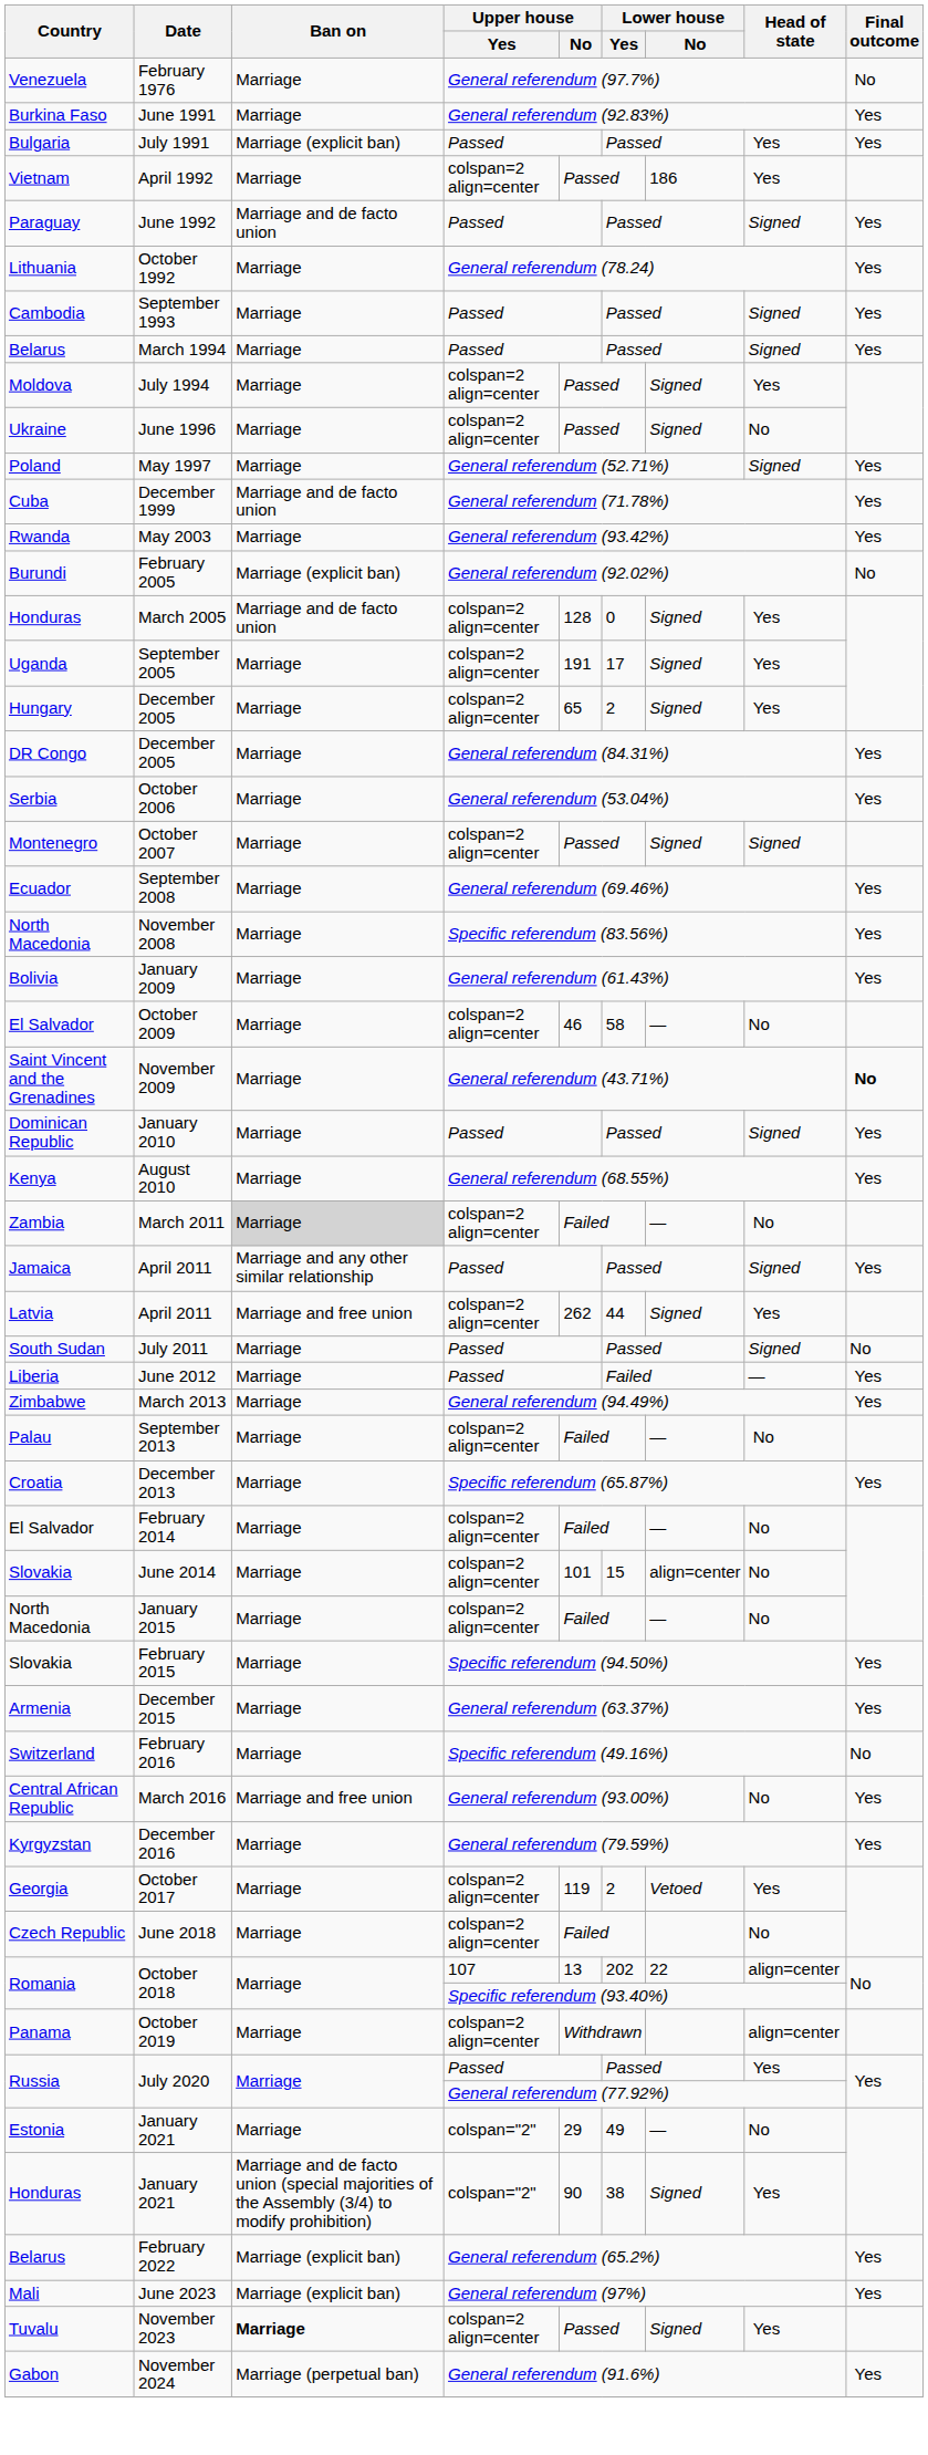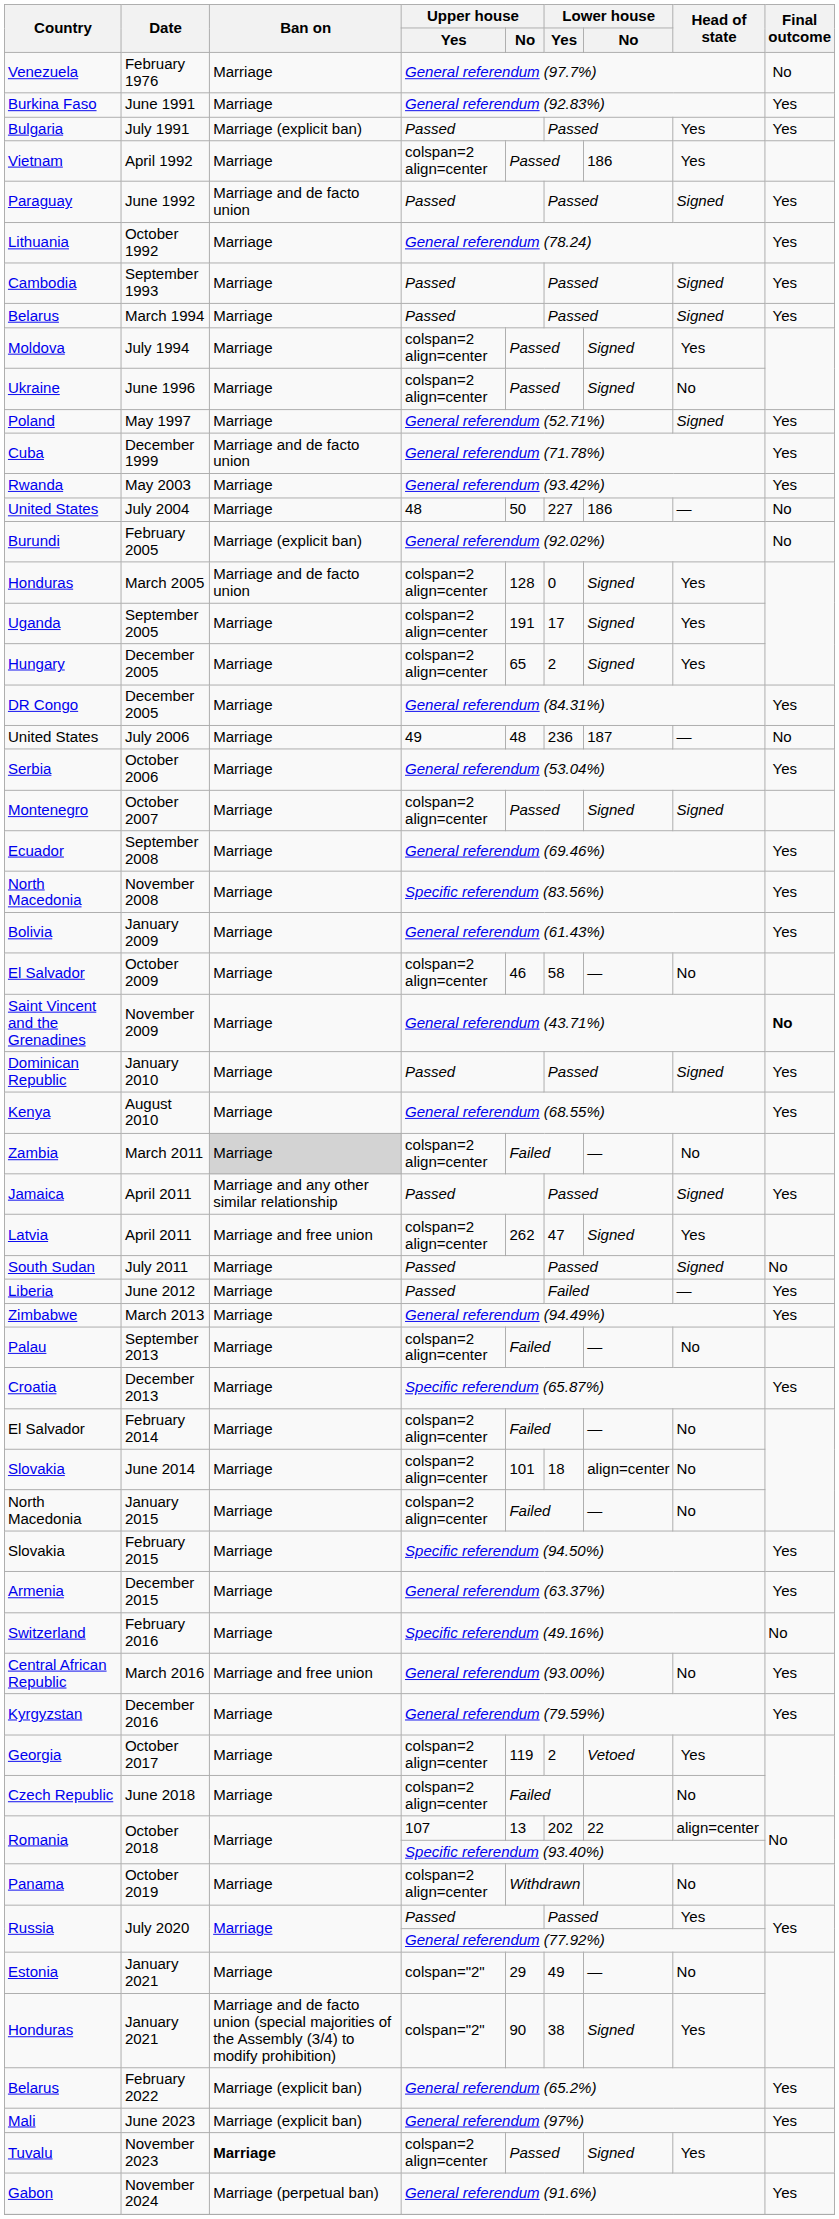 <table class="wikitable sortable" style="width:100%">
 <tr>
 <th rowspan=2>Country</th>
 <th rowspan=2>Date</th>
 <th rowspan=2>Ban on</th>
 <th colspan=2>Upper house</th>
 <th colspan=2>Lower house</th>
 <th rowspan=2>Head of state</th>
 <th rowspan=2>Final<br>outcome</th>
 </tr>
 <tr>
 <th>Yes</th>
 <th>No</th>
 <th>Yes</th>
 <th>No</th>
 </tr>
 <tr>
 <td> <a href='#'>Venezuela</a></td>
 <td>February 1976</td>
 <td>Marriage</td>
 <td colspan=5><em><a href='#'>General referendum</a> (97.7%)</em></td>
 <td> No</td>
 </tr>
 <tr>
 <td> <a href='#'>Burkina Faso</a></td>
 <td>June 1991</td>
 <td>Marriage</td>
 <td colspan=5><em><a href='#'>General referendum</a> (92.83%)</em></td>
 <td> Yes</td>
 </tr>
 <tr>
 <td> <a href='#'>Bulgaria</a></td>
 <td>July 1991</td>
 <td>Marriage (explicit ban)</td>
 <td colspan=2><em>Passed</em></td>
 <td colspan=2><em>Passed</em></td>
 <td> Yes</td>
 <td> Yes</td>
 </tr>
 <tr>
 <td> <a href='#'>Vietnam</a></td>
 <td>April 1992</td>
 <td>Marriage</td>
 <td>colspan=2 align=center </td>
 <td colspan=2><em>Passed</em></td>
 <td>186</td>
 <td> Yes</td>
 </tr>
 <tr>
 <td> <a href='#'>Paraguay</a></td>
 <td>June 1992</td>
 <td>Marriage and de facto union</td>
 <td colspan=2><em>Passed</em></td>
 <td colspan=2><em>Passed</em></td>
 <td><em>Signed</em></td>
 <td> Yes</td>
 </tr>
 <tr>
 <td> <a href='#'>Lithuania</a></td>
 <td>October 1992</td>
 <td>Marriage</td>
 <td colspan=5><em><a href='#'>General referendum</a> (78.24)</em></td>
 <td> Yes</td>
 </tr>
 <tr>
 <td> <a href='#'>Cambodia</a></td>
 <td>September 1993</td>
 <td>Marriage</td>
 <td colspan=2><em>Passed</em></td>
 <td colspan=2><em>Passed</em></td>
 <td><em>Signed</em></td>
 <td> Yes</td>
 </tr>
 <tr>
 <td> <a href='#'>Belarus</a></td>
 <td>March 1994</td>
 <td>Marriage</td>
 <td colspan=2><em>Passed</em></td>
 <td colspan=2><em>Passed</em></td>
 <td><em>Signed</em></td>
 <td> Yes</td>
 </tr>
 <tr>
 <td> <a href='#'>Moldova</a></td>
 <td>July 1994</td>
 <td>Marriage</td>
 <td>colspan=2 align=center </td>
 <td colspan=2><em>Passed</em></td>
 <td><em>Signed</em></td>
 <td> Yes</td>
 </tr>
 <tr>
 <td> <a href='#'>Ukraine</a></td>
 <td>June 1996</td>
 <td>Marriage</td>
 <td>colspan=2 align=center </td>
 <td colspan=2><em>Passed</em></td>
 <td><em>Signed</em></td>
 <td> No</td>
 </tr>
 <tr>
 <td> <a href='#'>Poland</a></td>
 <td>May 1997</td>
 <td>Marriage</td>
 <td colspan=4><em><a href='#'>General referendum</a> (52.71%)</em></td>
 <td><em>Signed</em></td>
 <td> Yes</td>
 </tr>
 <tr>
 <td> <a href='#'>Cuba</a></td>
 <td>December 1999</td>
 <td>Marriage and de facto union</td>
 <td colspan=5><em><a href='#'>General referendum</a> (71.78%)</em></td>
 <td> Yes</td>
 </tr>
 <tr>
 <td> <a href='#'>Rwanda</a></td>
 <td>May 2003</td>
 <td>Marriage</td>
 <td colspan=5><em><a href='#'>General referendum</a> (93.42%)</em></td>
 <td> Yes</td>
 </tr>
 <tr>
+<td> <a href='#'>United States</a></td>
+<td>July 2004</td>
+<td>Marriage</td>
+<td>48</td>
+<td>50</td>
+<td>227 </td>
+<td>186</td>
+<td>—</td>
+<td> No</td>
+</tr>
+<tr>
 <td> <a href='#'>Burundi</a></td>
 <td>February 2005</td>
 <td>Marriage (explicit ban)</td>
 <td colspan=5><em><a href='#'>General referendum</a> (92.02%)</em></td>
 <td> No</td>
 </tr>
 <tr>
 <td> <a href='#'>Honduras</a></td>
 <td>March 2005</td>
 <td>Marriage and de facto union</td>
 <td>colspan=2 align=center </td>
 <td>128 </td>
 <td>0</td>
 <td><em>Signed</em></td>
 <td> Yes</td>
 </tr>
 <tr>
 <td> <a href='#'>Uganda</a></td>
 <td>September 2005</td>
 <td>Marriage</td>
 <td>colspan=2 align=center </td>
 <td>191</td>
 <td>17</td>
 <td><em>Signed</em></td>
 <td> Yes</td>
 </tr>
 <tr>
 <td> <a href='#'>Hungary</a></td>
 <td>December 2005</td>
 <td>Marriage</td>
 <td>colspan=2 align=center </td>
 <td>65 </td>
 <td>2</td>
 <td><em>Signed</em></td>
 <td> Yes</td>
 </tr>
 <tr>
 <td> <a href='#'>DR Congo</a></td>
 <td>December 2005</td>
 <td>Marriage</td>
 <td colspan=5><em><a href='#'>General referendum</a> (84.31%)</em></td>
 <td> Yes</td>
+</tr>
+<tr>
+<td> United States</td>
+<td>July 2006</td>
+<td>Marriage</td>
+<td>49</td>
+<td>48</td>
+<td>236 </td>
+<td>187</td>
+<td>—</td>
+<td> No</td>
 </tr>
 <tr>
 <td> <a href='#'>Serbia</a></td>
 <td>October 2006</td>
 <td>Marriage</td>
 <td colspan=5><em><a href='#'>General referendum</a> (53.04%)</em></td>
 <td> Yes</td>
 </tr>
 <tr>
 <td> <a href='#'>Montenegro</a></td>
 <td>October 2007</td>
 <td>Marriage</td>
 <td>colspan=2 align=center </td>
 <td colspan=2><em>Passed</em></td>
 <td><em>Signed</em></td>
 <td><em>Signed</em></td>
 </tr>
 <tr>
 <td> <a href='#'>Ecuador</a></td>
 <td>September 2008</td>
 <td>Marriage</td>
 <td colspan=5><em><a href='#'>General referendum</a> (69.46%)</em></td>
 <td> Yes</td>
 </tr>
 <tr>
 <td> <a href='#'>North Macedonia</a></td>
 <td>November 2008</td>
 <td>Marriage</td>
 <td colspan=5><em><a href='#'>Specific referendum</a> (83.56%)</em></td>
 <td> Yes</td>
 </tr>
 <tr>
 <td> <a href='#'>Bolivia</a></td>
 <td>January 2009</td>
 <td>Marriage</td>
 <td colspan=5><em><a href='#'>General referendum</a> (61.43%)</em></td>
 <td> Yes</td>
 </tr>
 <tr>
 <td> <a href='#'>El Salvador</a></td>
 <td>October 2009</td>
 <td>Marriage</td>
 <td>colspan=2 align=center </td>
 <td>46</td>
 <td>58</td>
 <td>—</td>
 <td> No</td>
 </tr>
 <tr>
 <td> <a href='#'>Saint Vincent and the Grenadines</a></td>
 <td>November 2009</td>
 <td>Marriage</td>
 <td colspan=5><em><a href='#'>General referendum</a> (43.71%)</em></td>
 <td><strong> No</strong></td>
 </tr>
 <tr>
 <td> <a href='#'>Dominican Republic</a></td>
 <td>January 2010</td>
 <td>Marriage</td>
 <td colspan=2><em>Passed</em></td>
 <td colspan=2><em>Passed</em></td>
 <td><em>Signed</em></td>
 <td> Yes</td>
 </tr>
 <tr>
 <td> <a href='#'>Kenya</a></td>
 <td>August 2010</td>
 <td>Marriage</td>
 <td colspan=5><em><a href='#'>General referendum</a> (68.55%)</em></td>
 <td> Yes</td>
 </tr>
 <tr>
 <td> <a href='#'>Zambia</a></td>
 <td>March 2011</td>
 <td style="background: lightgrey;">Marriage</td>
 <td>colspan=2 align=center </td>
 <td colspan=2><em>Failed</em></td>
 <td>—</td>
 <td> No</td>
 </tr>
 <tr>
 <td> <a href='#'>Jamaica</a></td>
 <td>April 2011</td>
 <td>Marriage and any other similar relationship</td>
 <td colspan=2><em>Passed</em></td>
 <td colspan=2><em>Passed</em></td>
 <td><em>Signed</em></td>
 <td> Yes</td>
 </tr>
 <tr>
 <td> <a href='#'>Latvia</a></td>
 <td>April 2011</td>
 <td>Marriage and free union</td>
 <td>colspan=2 align=center </td>
 <td>262</td>
-<td>44</td>
+<td>47</td>
 <td><em>Signed</em></td>
 <td> Yes</td>
 </tr>
 <tr>
 <td> <a href='#'>South Sudan</a></td>
 <td>July 2011</td>
 <td>Marriage</td>
 <td colspan=2><em>Passed</em></td>
 <td colspan=2><em>Passed</em></td>
 <td><em>Signed</em></td>
 <td> No</td>
 </tr>
 <tr>
 <td> <a href='#'>Liberia</a></td>
 <td>June 2012</td>
 <td>Marriage</td>
 <td colspan=2><em>Passed</em></td>
 <td colspan=2><em>Failed</em></td>
 <td>—</td>
 <td> Yes</td>
 </tr>
 <tr>
 <td> <a href='#'>Zimbabwe</a></td>
 <td>March 2013</td>
 <td>Marriage</td>
 <td colspan=5><em><a href='#'>General referendum</a> (94.49%)</em></td>
 <td> Yes</td>
 </tr>
 <tr>
 <td> <a href='#'>Palau</a></td>
 <td>September 2013</td>
 <td>Marriage</td>
 <td>colspan=2 align=center </td>
 <td colspan=2><em>Failed</em></td>
 <td>—</td>
 <td> No</td>
 </tr>
 <tr>
 <td> <a href='#'>Croatia</a></td>
 <td>December 2013</td>
 <td>Marriage</td>
 <td colspan=5><em><a href='#'>Specific referendum</a> (65.87%)</em></td>
 <td> Yes</td>
 </tr>
 <tr>
 <td> El Salvador</td>
 <td>February 2014</td>
 <td>Marriage</td>
 <td>colspan=2 align=center </td>
 <td colspan=2><em>Failed</em></td>
 <td>—</td>
 <td> No</td>
 </tr>
 <tr>
 <td> <a href='#'>Slovakia</a></td>
 <td>June 2014</td>
 <td>Marriage</td>
 <td>colspan=2 align=center </td>
 <td>101</td>
-<td>15</td>
+<td>18</td>
 <td>align=center </td>
 <td> No</td>
 </tr>
 <tr>
 <td> North Macedonia</td>
 <td>January 2015</td>
 <td>Marriage</td>
 <td>colspan=2 align=center </td>
 <td colspan=2><em>Failed</em></td>
 <td>—</td>
 <td> No</td>
 </tr>
 <tr>
 <td> Slovakia</td>
 <td>February 2015</td>
 <td>Marriage</td>
 <td colspan=5><em><a href='#'>Specific referendum</a> (94.50%)</em></td>
 <td> Yes</td>
 </tr>
 <tr>
 <td> <a href='#'>Armenia</a></td>
 <td>December 2015</td>
 <td>Marriage</td>
 <td colspan=5><em><a href='#'>General referendum</a> (63.37%)</em></td>
 <td> Yes</td>
 </tr>
 <tr>
 <td> <a href='#'>Switzerland</a></td>
 <td>February 2016</td>
 <td>Marriage</td>
 <td colspan=5><em><a href='#'>Specific referendum</a> (49.16%)</em></td>
 <td> No </td>
 </tr>
 <tr>
 <td> <a href='#'>Central African Republic</a></td>
 <td>March 2016</td>
 <td>Marriage and free union</td>
 <td colspan=4><em><a href='#'>General referendum</a> (93.00%)</em></td>
 <td> No</td>
 <td> Yes</td>
 </tr>
 <tr>
 <td> <a href='#'>Kyrgyzstan</a></td>
 <td>December 2016</td>
 <td>Marriage</td>
 <td colspan=5><em><a href='#'>General referendum</a> (79.59%)</em></td>
 <td> Yes</td>
 </tr>
 <tr>
 <td> <a href='#'>Georgia</a></td>
 <td>October 2017</td>
 <td>Marriage</td>
 <td>colspan=2 align=center </td>
 <td>119</td>
 <td>2</td>
 <td><em>Vetoed</em></td>
 <td> Yes</td>
 </tr>
 <tr>
 <td> <a href='#'>Czech Republic</a></td>
 <td>June 2018</td>
 <td>Marriage</td>
 <td>colspan=2 align=center </td>
 <td colspan=2><em>Failed</em></td>
 <td></td>
 <td> No</td>
 </tr>
 <tr>
 <td rowspan=2> <a href='#'>Romania</a></td>
 <td rowspan=2>October 2018</td>
 <td rowspan=2>Marriage</td>
 <td>107</td>
 <td>13</td>
 <td>202</td>
 <td>22</td>
 <td>align=center </td>
 <td rowspan=2> No</td>
 </tr>
 <tr>
 <td colspan=5><em><a href='#'>Specific referendum</a> (93.40%)</em></td>
 </tr>
 <tr>
 <td> <a href='#'>Panama</a></td>
 <td>October 2019</td>
 <td>Marriage</td>
 <td>colspan=2 align=center </td>
 <td colspan=2><em>Withdrawn</em></td>
 <td></td>
-<td>align=center </td>
+<td> No</td>
 </tr>
 <tr>
 <td rowspan=2> <a href='#'>Russia</a></td>
 <td rowspan=2>July 2020</td>
 <td rowspan=2><a href='#'>Marriage</a></td>
 <td colspan="2"><em>Passed</em></td>
 <td colspan="2"><em>Passed</em></td>
 <td> Yes</td>
 <td rowspan=2> Yes</td>
 </tr>
 <tr>
 <td colspan=5><em><a href='#'>General referendum</a> (77.92%) </em></td>
 </tr>
 <tr>
 <td> <a href='#'>Estonia</a></td>
 <td>January 2021</td>
 <td>Marriage</td>
 <td>colspan="2" </td>
 <td>29</td>
 <td>49</td>
 <td>—</td>
 <td> No</td>
 </tr>
 <tr>
 <td> <a href='#'>Honduras</a></td>
 <td>January 2021</td>
 <td>Marriage and de facto union (special majorities of the Assembly (3/4) to modify prohibition)</td>
 <td>colspan="2" </td>
 <td>90</td>
 <td>38</td>
 <td><em>Signed</em></td>
 <td> Yes</td>
 </tr>
 <tr>
 <td> <a href='#'>Belarus</a></td>
 <td>February 2022</td>
 <td>Marriage (explicit ban)</td>
 <td colspan="5"><em><a href='#'>General referendum</a> (65.2%)</em></td>
 <td> Yes</td>
 </tr>
 <tr>
 <td> <a href='#'>Mali</a></td>
 <td>June 2023</td>
 <td>Marriage (explicit ban)</td>
 <td colspan="5"><em><a href='#'>General referendum</a> (97%)</em></td>
 <td> Yes</td>
 </tr>
 <tr>
 <td> <a href='#'>Tuvalu</a></td>
 <td>November 2023</td>
 <td><strong>Marriage </strong></td>
 <td>colspan=2 align=center </td>
 <td colspan=2><em>Passed</em></td>
 <td><em>Signed</em></td>
 <td> Yes</td>
 </tr>
 <tr>
 <td> <a href='#'>Gabon</a></td>
 <td>November 2024</td>
 <td>Marriage (perpetual ban)  </td>
 <td colspan=5><em><a href='#'>General referendum</a> (91.6%)</em></td>
 <td> Yes</td>
 </tr>
 <tr>
 </tr>
 </table>
